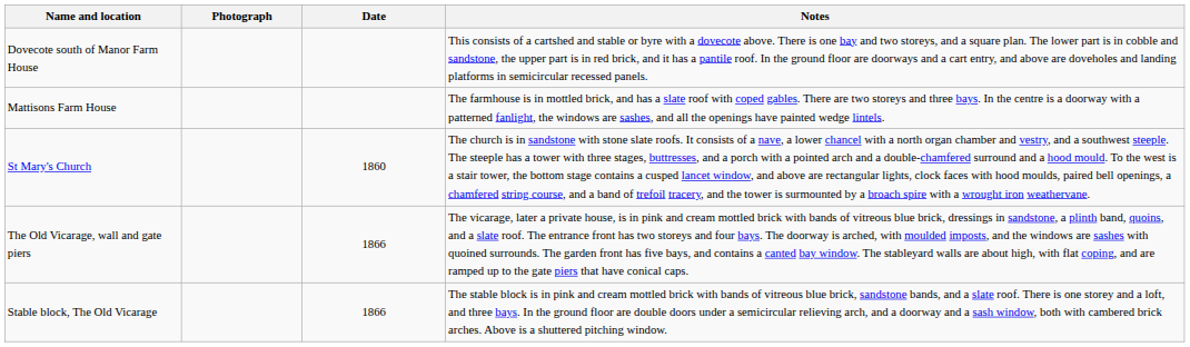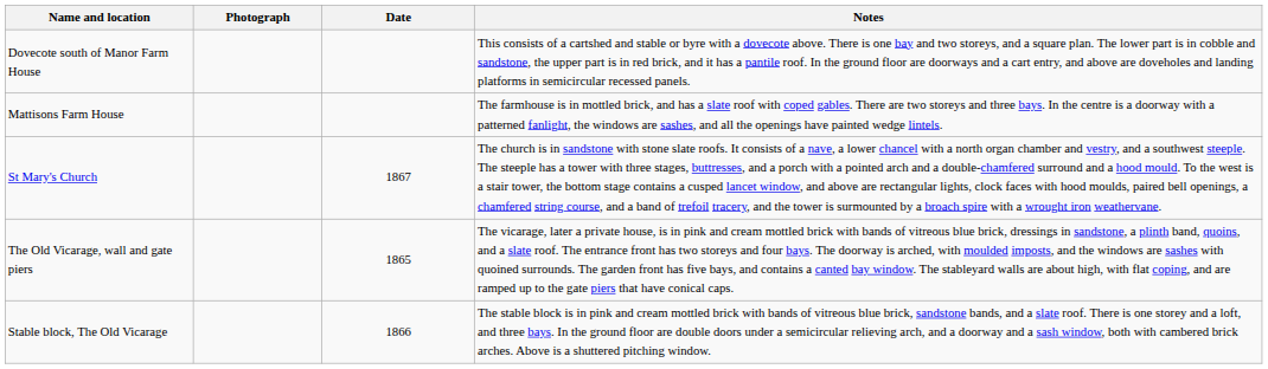 <table class="wikitable sortable plainrowheaders" style="width:100%;border:0px;text-align:left;line-height:150%;">
 <tr>
 <th scope="col"  style="width:150px">Name and location</th>
 <th scope="col"  style="width:100px" class="unsortable">Photograph</th>
 <th scope="col"  style="width:120px">Date</th>
 <th scope="col"  style="width:650px" class="unsortable">Notes</th>
 </tr>
 <tr>
 <td>Dovecote south of Manor Farm House<br><small></small></td>
 <td></td>
 <td align="center"></td>
 <td>This consists of a cartshed and stable or byre with a <a href='#'>dovecote</a> above.  There is one <a href='#'>bay</a> and two storeys, and a square plan.  The lower part is in cobble and <a href='#'>sandstone</a>, the upper part is in red brick, and it has a <a href='#'>pantile</a> roof.  In the ground floor are doorways and a cart entry, and above are doveholes and landing platforms in semicircular recessed panels.</td>
 </tr>
 <tr>
 <td>Mattisons Farm House<br><small></small></td>
 <td></td>
 <td align="center"></td>
 <td>The farmhouse is in mottled brick, and has a <a href='#'>slate</a> roof with <a href='#'>coped</a> <a href='#'>gables</a>.  There are two storeys and three <a href='#'>bays</a>.  In the centre is a doorway with a patterned <a href='#'>fanlight</a>, the windows are <a href='#'>sashes</a>, and all the openings have painted wedge <a href='#'>lintels</a>.</td>
 </tr>
 <tr>
 <td><a href='#'>St Mary's Church</a><br><small></small></td>
 <td></td>
-<td align="center">1860</td>
+<td align="center">1867</td>
 <td>The church is in <a href='#'>sandstone</a> with stone slate roofs.  It consists of a <a href='#'>nave</a>, a lower <a href='#'>chancel</a> with a north organ chamber and <a href='#'>vestry</a>, and a southwest <a href='#'>steeple</a>.  The steeple has a tower with three stages, <a href='#'>buttresses</a>, and a porch with a pointed arch and a double-<a href='#'>chamfered</a> surround and a <a href='#'>hood mould</a>.  To the west is a stair tower, the bottom stage contains a cusped <a href='#'>lancet window</a>, and above are rectangular lights, clock faces with hood moulds, paired bell openings, a <a href='#'>chamfered</a> <a href='#'>string course</a>,  and a band of <a href='#'>trefoil</a> <a href='#'>tracery</a>, and the tower is surmounted by a <a href='#'>broach spire</a> with a <a href='#'>wrought iron</a> <a href='#'>weathervane</a>.</td>
 </tr>
 <tr>
 <td>The Old Vicarage, wall and gate piers<br><small></small></td>
 <td></td>
-<td align="center">1866</td>
+<td align="center">1865</td>
 <td>The vicarage, later a private house, is in pink and cream mottled brick with bands of vitreous blue brick, dressings in <a href='#'>sandstone</a>, a <a href='#'>plinth</a> band, <a href='#'>quoins</a>, and a <a href='#'>slate</a> roof.  The entrance front has two storeys and four <a href='#'>bays</a>.  The doorway is arched, with <a href='#'>moulded</a> <a href='#'>imposts</a>, and the windows are <a href='#'>sashes</a> with quoined surrounds.  The garden front has five bays, and contains a <a href='#'>canted</a> <a href='#'>bay window</a>.  The stableyard walls are about  high, with flat <a href='#'>coping</a>, and are ramped up to the gate <a href='#'>piers</a> that have conical caps.</td>
 </tr>
 <tr>
 <td>Stable block, The Old Vicarage<br><small></small></td>
 <td></td>
 <td align="center">1866</td>
 <td>The stable block is in pink and cream mottled brick with bands of vitreous blue brick, <a href='#'>sandstone</a> bands, and a <a href='#'>slate</a> roof.  There is one storey and a loft, and three <a href='#'>bays</a>.  In the ground floor are double doors under a semicircular relieving arch, and a doorway and a <a href='#'>sash window</a>, both with cambered brick arches.  Above is a shuttered pitching window.</td>
 </tr>
 <tr>
 </tr>
 </table>
